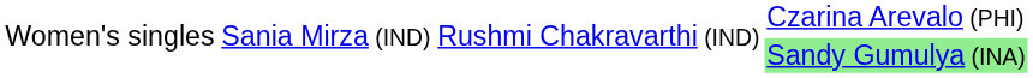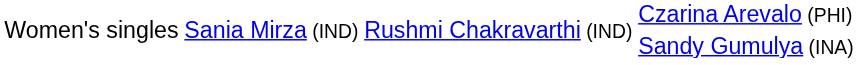 <table>
 <tr>
 <td rowspan=2>Women's singles</td>
 <td rowspan=2> <a href='#'>Sania Mirza</a><small> (IND)</small></td>
 <td rowspan=2> <a href='#'>Rushmi Chakravarthi</a><small> (IND)</small></td>
 <td> <a href='#'>Czarina Arevalo</a><small> (PHI)</small></td>
 </tr>
 <tr>
-<td style="background: lightgreen;"> <a href='#'>Sandy Gumulya</a><small> (INA)</small></td>
+<td> <a href='#'>Sandy Gumulya</a><small> (INA)</small></td>
 </tr>
 </table>
